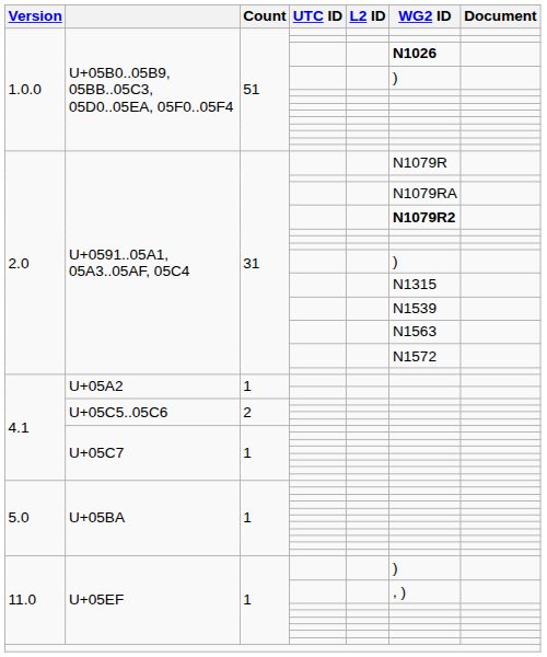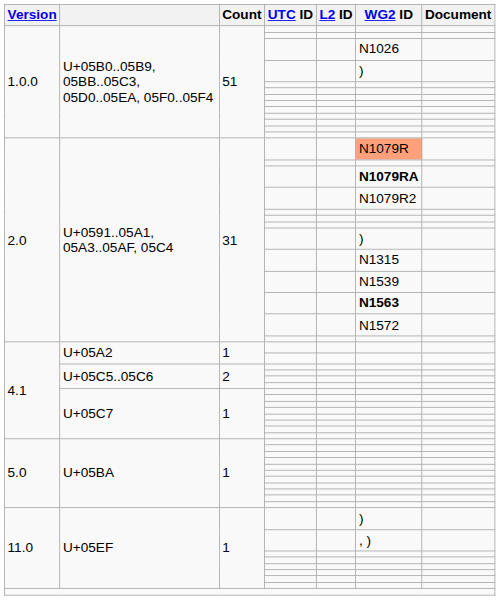 <table class="wikitable collapsible sticky-header">
 <tr>
 <th><a href='#'>Version</a></th>
 <th></th>
 <th>Count</th>
 <th><a href='#'>UTC</a> ID</th>
 <th><a href='#'>L2</a> ID</th>
 <th><a href='#'>WG2</a> ID</th>
 <th>Document</th>
 </tr>
 <tr>
 <td rowspan="13">1.0.0</td>
 <td rowspan="13" width="180">U+05B0..05B9, 05BB..05C3, 05D0..05EA, 05F0..05F4</td>
 <td rowspan="13">51</td>
 <td></td>
 <td></td>
 <td></td>
 <td></td>
 </tr>
 <tr>
 <td></td>
 <td></td>
 <td></td>
 <td></td>
 </tr>
 <tr>
 <td></td>
 <td></td>
-<td><strong>N1026</strong></td>
+<td>N1026</td>
 <td></td>
 </tr>
 <tr>
 <td></td>
 <td></td>
 <td> )</td>
 <td></td>
 </tr>
 <tr>
 <td></td>
 <td></td>
 <td></td>
 <td></td>
 </tr>
 <tr>
 <td></td>
 <td></td>
 <td></td>
 <td></td>
 </tr>
 <tr>
 <td></td>
 <td></td>
 <td></td>
 <td></td>
 </tr>
 <tr>
 <td></td>
 <td></td>
 <td></td>
 <td></td>
 </tr>
 <tr>
 <td></td>
 <td></td>
 <td></td>
 <td></td>
 </tr>
 <tr>
 <td></td>
 <td></td>
 <td></td>
 <td></td>
 </tr>
 <tr>
 <td></td>
 <td></td>
 <td></td>
 <td></td>
 </tr>
 <tr>
 <td></td>
 <td></td>
 <td></td>
 <td></td>
 </tr>
 <tr>
 <td></td>
 <td></td>
 <td></td>
 <td></td>
 </tr>
 <tr>
 <td rowspan="13">2.0</td>
 <td rowspan="13">U+0591..05A1, 05A3..05AF, 05C4</td>
 <td rowspan="13">31</td>
 <td></td>
 <td></td>
-<td>N1079R</td>
+<td style="background: lightsalmon;">N1079R</td>
 <td></td>
 </tr>
 <tr>
 <td></td>
 <td></td>
 <td></td>
 <td></td>
 </tr>
 <tr>
 <td></td>
 <td></td>
-<td>N1079RA</td>
+<td><strong>N1079RA</strong></td>
 <td></td>
 </tr>
 <tr>
 <td></td>
 <td></td>
-<td><strong>N1079R2</strong></td>
+<td>N1079R2</td>
 <td></td>
 </tr>
 <tr>
 <td></td>
 <td></td>
 <td></td>
 <td></td>
 </tr>
 <tr>
 <td></td>
 <td></td>
 <td></td>
 <td></td>
 </tr>
 <tr>
 <td></td>
 <td></td>
 <td></td>
 <td></td>
 </tr>
 <tr>
 <td></td>
 <td></td>
 <td> )</td>
 <td></td>
 </tr>
 <tr>
 <td></td>
 <td></td>
 <td>N1315</td>
 <td></td>
 </tr>
 <tr>
 <td></td>
 <td></td>
 <td>N1539</td>
 <td></td>
 </tr>
 <tr>
 <td></td>
 <td></td>
-<td>N1563</td>
+<td><strong>N1563</strong></td>
 <td></td>
 </tr>
 <tr>
 <td></td>
 <td></td>
 <td>N1572</td>
 <td></td>
 </tr>
 <tr>
 <td></td>
 <td></td>
 <td></td>
 <td></td>
 </tr>
 <tr>
 <td rowspan="14">4.1</td>
 <td rowspan="2">U+05A2</td>
 <td rowspan="2">1</td>
 <td></td>
 <td></td>
 <td></td>
 <td></td>
 </tr>
 <tr>
 <td></td>
 <td></td>
 <td></td>
 <td></td>
 </tr>
 <tr>
 <td rowspan="4">U+05C5..05C6</td>
 <td rowspan="4">2</td>
 <td></td>
 <td></td>
 <td></td>
 <td></td>
 </tr>
 <tr>
 <td></td>
 <td></td>
 <td></td>
 <td></td>
 </tr>
 <tr>
 <td></td>
 <td></td>
 <td></td>
 <td></td>
 </tr>
 <tr>
 <td></td>
 <td></td>
 <td></td>
 <td></td>
 </tr>
 <tr>
 <td rowspan="8">U+05C7</td>
 <td rowspan="8">1</td>
 <td></td>
 <td></td>
 <td></td>
 <td></td>
 </tr>
 <tr>
 <td></td>
 <td></td>
 <td></td>
 <td></td>
 </tr>
 <tr>
 <td></td>
 <td></td>
 <td></td>
 <td></td>
 </tr>
 <tr>
 <td></td>
 <td></td>
 <td></td>
 <td></td>
 </tr>
 <tr>
 <td></td>
 <td></td>
 <td></td>
 <td></td>
 </tr>
 <tr>
 <td></td>
 <td></td>
 <td></td>
 <td></td>
 </tr>
 <tr>
 <td></td>
 <td></td>
 <td></td>
 <td></td>
 </tr>
 <tr>
 <td></td>
 <td></td>
 <td></td>
 <td></td>
 </tr>
 <tr>
 <td rowspan="11">5.0</td>
 <td rowspan="11">U+05BA</td>
 <td rowspan="11">1</td>
 <td></td>
 <td></td>
 <td></td>
 <td></td>
 </tr>
 <tr>
 <td></td>
 <td></td>
 <td></td>
 <td></td>
 </tr>
 <tr>
 <td></td>
 <td></td>
 <td></td>
 <td></td>
 </tr>
 <tr>
 <td></td>
 <td></td>
 <td></td>
 <td></td>
 </tr>
 <tr>
 <td></td>
 <td></td>
 <td></td>
 <td></td>
 </tr>
 <tr>
 <td></td>
 <td></td>
 <td></td>
 <td></td>
 </tr>
 <tr>
 <td></td>
 <td></td>
 <td></td>
 <td></td>
 </tr>
 <tr>
 <td></td>
 <td></td>
 <td></td>
 <td></td>
 </tr>
 <tr>
 <td></td>
 <td></td>
 <td></td>
 <td></td>
 </tr>
 <tr>
 <td></td>
 <td></td>
 <td></td>
 <td></td>
 </tr>
 <tr>
 <td></td>
 <td></td>
 <td></td>
 <td></td>
 </tr>
 <tr>
 <td rowspan="8">11.0</td>
 <td rowspan="8">U+05EF</td>
 <td rowspan="8">1</td>
 <td></td>
 <td></td>
 <td> )</td>
 <td></td>
 </tr>
 <tr>
 <td></td>
 <td></td>
 <td> , )</td>
 <td></td>
 </tr>
 <tr>
 <td></td>
 <td></td>
 <td></td>
 <td></td>
 </tr>
 <tr>
 <td></td>
 <td></td>
 <td></td>
 <td></td>
 </tr>
 <tr>
 <td></td>
 <td></td>
 <td></td>
 <td></td>
 </tr>
 <tr>
 <td></td>
 <td></td>
 <td></td>
 <td></td>
 </tr>
 <tr>
 <td></td>
 <td></td>
 <td></td>
 <td></td>
 </tr>
 <tr>
 <td></td>
 <td></td>
 <td></td>
 <td></td>
 </tr>
 <tr class="sortbottom">
 <td colspan="7"></td>
 </tr>
 </table>
